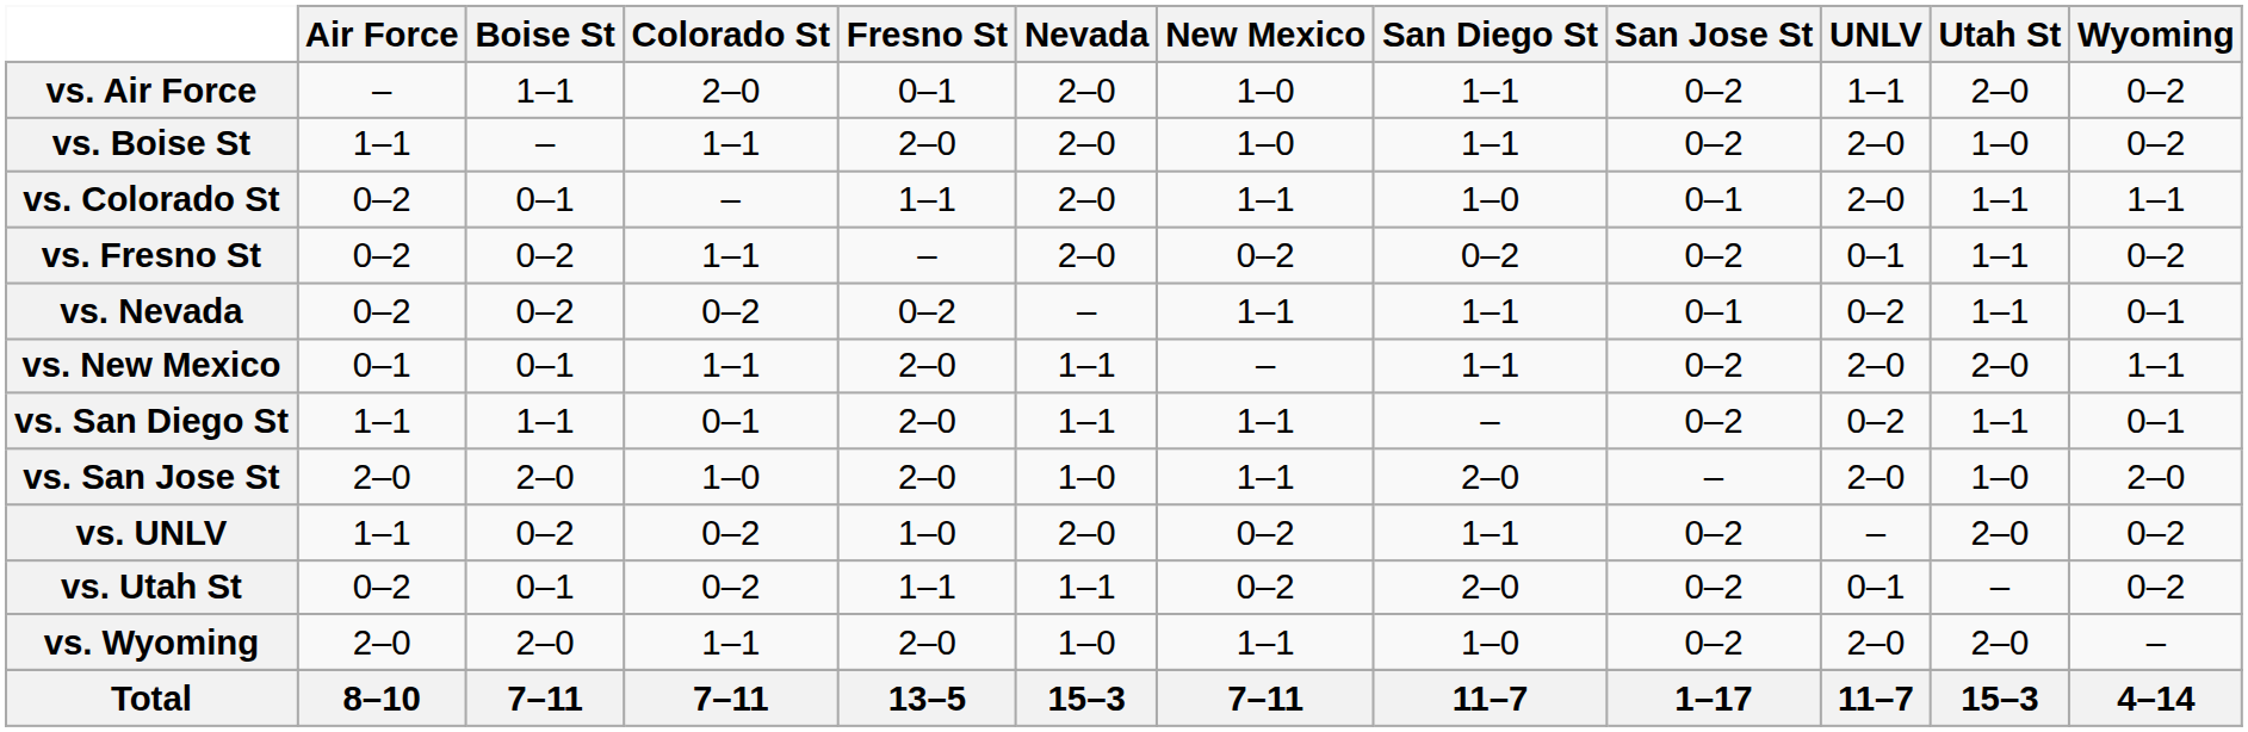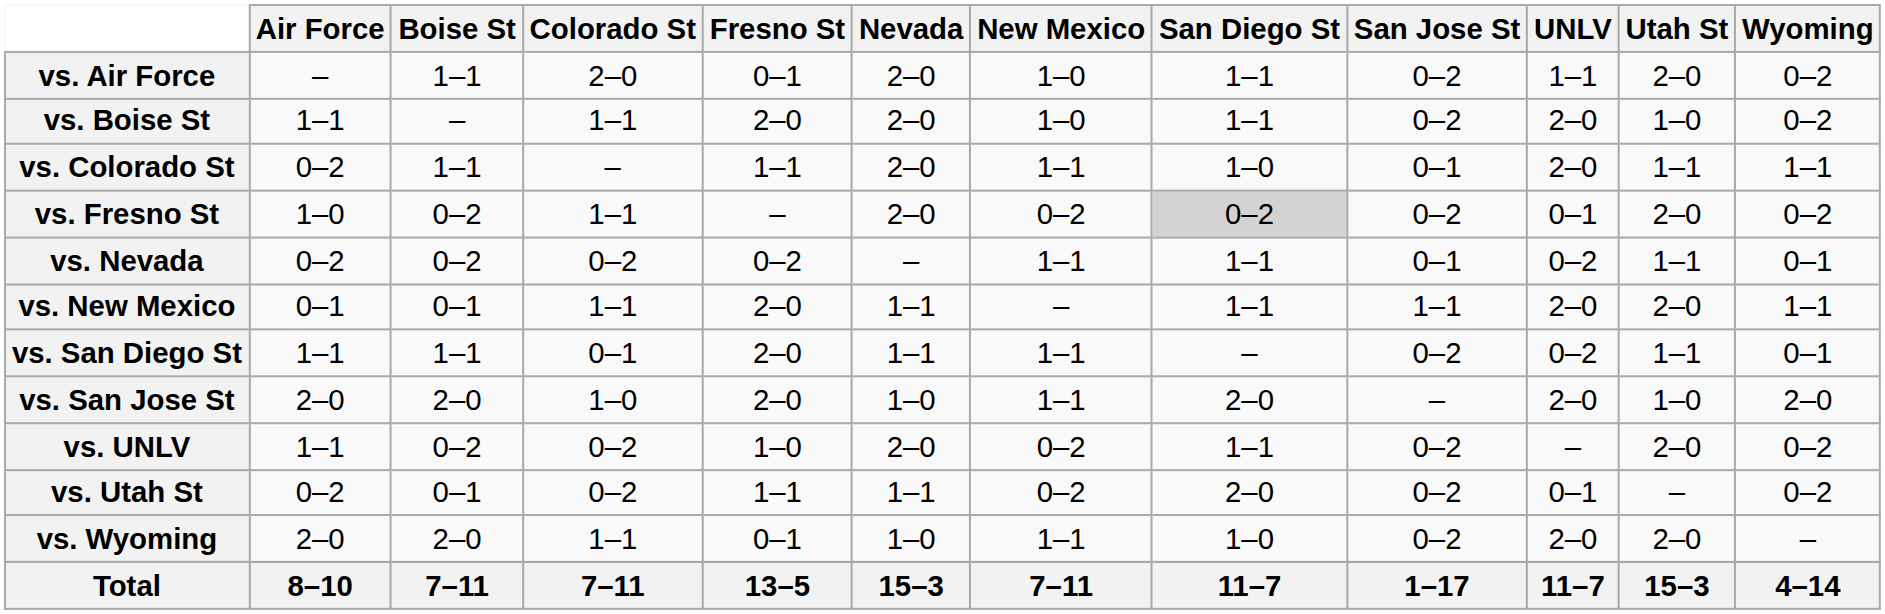 <table class="wikitable" style="white-space:nowrap;font-size:90%;">
 <tr>
 <th colspan=1 style="background:white; border-top-style:hidden; border-left-style:hidden;"   width=75> </th>
 <th>Air Force</th>
 <th>Boise St</th>
 <th>Colorado St</th>
 <th>Fresno St</th>
 <th>Nevada</th>
 <th>New Mexico</th>
 <th>San Diego St</th>
 <th>San Jose St</th>
 <th>UNLV</th>
 <th>Utah St</th>
 <th>Wyoming</th>
 </tr>
 <tr style="text-align:center;">
 <th>vs. Air Force</th>
 <td>–</td>
 <td>1–1</td>
 <td>2–0</td>
 <td>0–1</td>
 <td>2–0</td>
 <td>1–0</td>
 <td>1–1</td>
 <td>0–2</td>
 <td>1–1</td>
 <td>2–0</td>
 <td>0–2</td>
 </tr>
 <tr style="text-align:center;">
 <th>vs. Boise St</th>
 <td>1–1</td>
 <td>–</td>
 <td>1–1</td>
 <td>2–0</td>
 <td>2–0</td>
 <td>1–0</td>
 <td>1–1</td>
 <td>0–2</td>
 <td>2–0</td>
 <td>1–0</td>
 <td>0–2</td>
 </tr>
 <tr style="text-align:center;">
 <th>vs. Colorado St</th>
 <td>0–2</td>
-<td>0–1</td>
+<td>1–1</td>
 <td>–</td>
 <td>1–1</td>
 <td>2–0</td>
 <td>1–1</td>
 <td>1–0</td>
 <td>0–1</td>
 <td>2–0</td>
 <td>1–1</td>
 <td>1–1</td>
 </tr>
 <tr style="text-align:center;">
 <th>vs. Fresno St</th>
-<td>0–2</td>
+<td>1–0</td>
 <td>0–2</td>
 <td>1–1</td>
 <td>–</td>
 <td>2–0</td>
 <td>0–2</td>
-<td>0–2</td>
+<td style="background: lightgrey;">0–2</td>
 <td>0–2</td>
 <td>0–1</td>
-<td>1–1</td>
+<td>2–0</td>
 <td>0–2</td>
 </tr>
 <tr style="text-align:center;">
 <th>vs. Nevada</th>
 <td>0–2</td>
 <td>0–2</td>
 <td>0–2</td>
 <td>0–2</td>
 <td>–</td>
 <td>1–1</td>
 <td>1–1</td>
 <td>0–1</td>
 <td>0–2</td>
 <td>1–1</td>
 <td>0–1</td>
 </tr>
 <tr style="text-align:center;">
 <th>vs. New Mexico</th>
 <td>0–1</td>
 <td>0–1</td>
 <td>1–1</td>
 <td>2–0</td>
 <td>1–1</td>
 <td>–</td>
 <td>1–1</td>
-<td>0–2</td>
+<td>1–1</td>
 <td>2–0</td>
 <td>2–0</td>
 <td>1–1</td>
 </tr>
 <tr style="text-align:center;">
 <th>vs. San Diego St</th>
 <td>1–1</td>
 <td>1–1</td>
 <td>0–1</td>
 <td>2–0</td>
 <td>1–1</td>
 <td>1–1</td>
 <td>–</td>
 <td>0–2</td>
 <td>0–2</td>
 <td>1–1</td>
 <td>0–1</td>
 </tr>
 <tr style="text-align:center;">
 <th>vs. San Jose St</th>
 <td>2–0</td>
 <td>2–0</td>
 <td>1–0</td>
 <td>2–0</td>
 <td>1–0</td>
 <td>1–1</td>
 <td>2–0</td>
 <td>–</td>
 <td>2–0</td>
 <td>1–0</td>
 <td>2–0</td>
 </tr>
 <tr style="text-align:center;">
 <th>vs. UNLV</th>
 <td>1–1</td>
 <td>0–2</td>
 <td>0–2</td>
 <td>1–0</td>
 <td>2–0</td>
 <td>0–2</td>
 <td>1–1</td>
 <td>0–2</td>
 <td>–</td>
 <td>2–0</td>
 <td>0–2</td>
 </tr>
 <tr style="text-align:center;">
 <th>vs. Utah St</th>
 <td>0–2</td>
 <td>0–1</td>
 <td>0–2</td>
 <td>1–1</td>
 <td>1–1</td>
 <td>0–2</td>
 <td>2–0</td>
 <td>0–2</td>
 <td>0–1</td>
 <td>–</td>
 <td>0–2</td>
 </tr>
 <tr style="text-align:center;">
 <th>vs. Wyoming</th>
 <td>2–0</td>
 <td>2–0</td>
 <td>1–1</td>
-<td>2–0</td>
+<td>0–1</td>
 <td>1–0</td>
 <td>1–1</td>
 <td>1–0</td>
 <td>0–2</td>
 <td>2–0</td>
 <td>2–0</td>
 <td>–</td>
 </tr>
 <tr style="text-align:center;">
 </tr>
 <tr style="text-align:center;">
 <th>Total</th>
 <th>8–10</th>
 <th>7–11</th>
 <th>7–11</th>
 <th>13–5</th>
 <th>15–3</th>
 <th>7–11</th>
 <th>11–7</th>
 <th>1–17</th>
 <th>11–7</th>
 <th>15–3</th>
 <th>4–14</th>
 </tr>
 </table>
